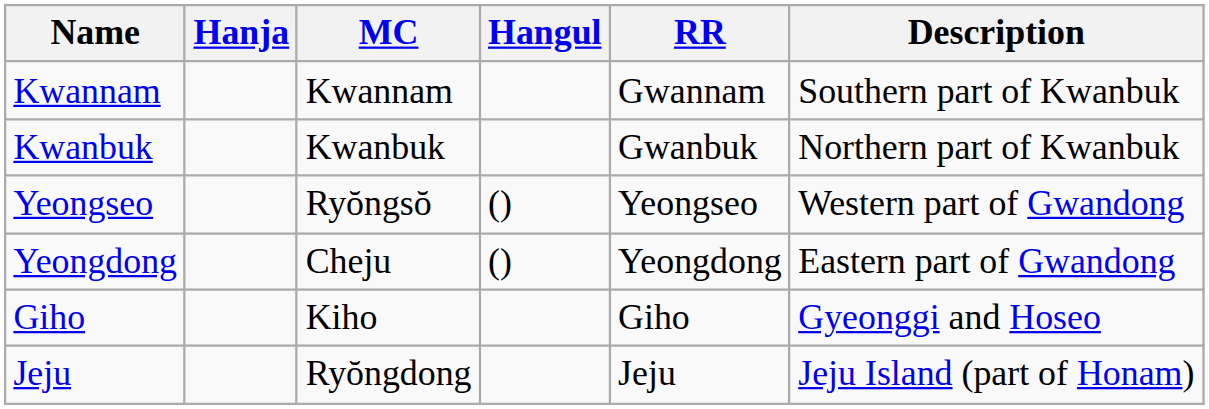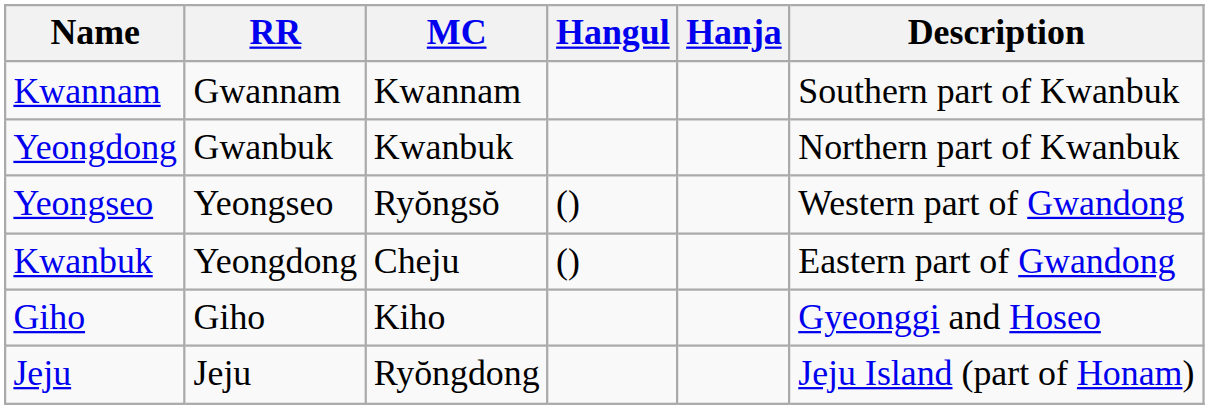 <table class=wikitable>
 <tr>
 <th>Name</th>
-<th><a href='#'>Hanja</a></th>
+<th><a href='#'>RR</a></th>
 <th><a href='#'>MC</a></th>
 <th><a href='#'>Hangul</a></th>
-<th><a href='#'>RR</a></th>
+<th><a href='#'>Hanja</a></th>
 <th>Description</th>
 </tr>
 <tr>
 <td><a href='#'>Kwannam</a></td>
-<td></td>
+<td>Gwannam</td>
 <td>Kwannam</td>
 <td></td>
-<td>Gwannam</td>
+<td></td>
 <td>Southern part of Kwanbuk</td>
 </tr>
 <tr>
-<td><a href='#'>Kwanbuk</a></td>
-<td></td>
+<td><a href='#'>Yeongdong</a></td>
+<td>Gwanbuk</td>
 <td>Kwanbuk</td>
 <td></td>
-<td>Gwanbuk</td>
+<td></td>
 <td>Northern part of Kwanbuk</td>
 </tr>
 <tr>
 <td><a href='#'>Yeongseo</a></td>
-<td></td>
+<td>Yeongseo</td>
 <td>Ryŏngsŏ</td>
 <td style="white-space:nowrap;">()</td>
-<td>Yeongseo</td>
+<td></td>
 <td>Western part of <a href='#'>Gwandong</a></td>
 </tr>
 <tr>
-<td><a href='#'>Yeongdong</a></td>
-<td></td>
+<td><a href='#'>Kwanbuk</a></td>
+<td>Yeongdong</td>
 <td>Cheju</td>
 <td>()</td>
-<td>Yeongdong</td>
+<td></td>
 <td>Eastern part of <a href='#'>Gwandong</a></td>
 </tr>
 <tr>
 <td><a href='#'>Giho</a></td>
-<td></td>
+<td>Giho</td>
 <td>Kiho</td>
 <td></td>
-<td>Giho</td>
+<td></td>
 <td><a href='#'>Gyeonggi</a> and <a href='#'>Hoseo</a></td>
 </tr>
 <tr>
 <td><a href='#'>Jeju</a></td>
-<td></td>
+<td>Jeju</td>
 <td>Ryŏngdong</td>
 <td></td>
-<td>Jeju</td>
+<td></td>
 <td><a href='#'>Jeju Island</a> (part of <a href='#'>Honam</a>)</td>
 </tr>
 </table>
